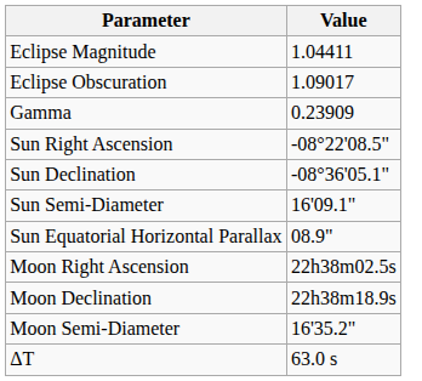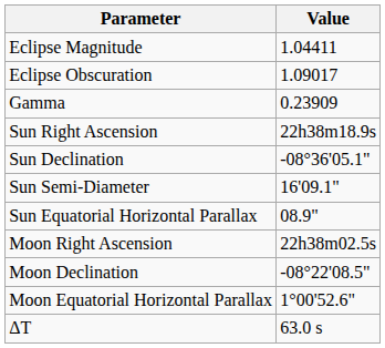 <table class="wikitable">
 <tr>
 <th>Parameter</th>
 <th>Value</th>
 </tr>
 <tr>
 <td>Eclipse Magnitude</td>
 <td>1.04411</td>
 </tr>
 <tr>
 <td>Eclipse Obscuration</td>
 <td>1.09017</td>
 </tr>
 <tr>
 <td>Gamma</td>
 <td>0.23909</td>
 </tr>
 <tr>
 <td>Sun Right Ascension</td>
-<td>-08°22'08.5"</td>
+<td>22h38m18.9s</td>
 </tr>
 <tr>
 <td>Sun Declination</td>
 <td>-08°36'05.1"</td>
 </tr>
 <tr>
 <td>Sun Semi-Diameter</td>
 <td>16'09.1"</td>
 </tr>
 <tr>
 <td>Sun Equatorial Horizontal Parallax</td>
 <td>08.9"</td>
 </tr>
 <tr>
 <td>Moon Right Ascension</td>
 <td>22h38m02.5s</td>
 </tr>
 <tr>
 <td>Moon Declination</td>
-<td>22h38m18.9s</td>
+<td>-08°22'08.5"</td>
 </tr>
 <tr>
-<td>Moon Semi-Diameter</td>
-<td>16'35.2"</td>
+<td>Moon Equatorial Horizontal Parallax</td>
+<td>1°00'52.6"</td>
 </tr>
 <tr>
 <td>ΔT</td>
 <td>63.0 s</td>
 </tr>
 </table>
